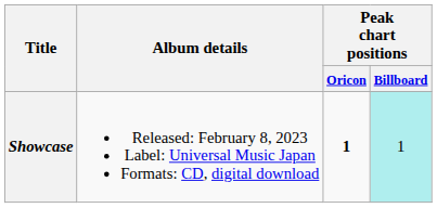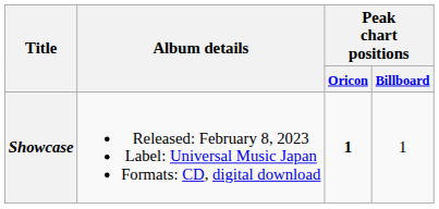 <table class="wikitable plainrowheaders" style="text-align:center;">
 <tr>
 <th scope="col" rowspan="2">Title</th>
 <th scope="col" rowspan="2">Album details</th>
 <th scope="col" colspan="2">Peak <br> chart <br> positions</th>
 </tr>
 <tr>
 <th scope="col" colspan="1"><small><a href='#'>Oricon</a></small></th>
 <th scope="col" colspan="1"><small><a href='#'>Billboard</a></small></th>
 </tr>
 <tr>
 <th scope="row"><em>Showcase</em></th>
 <td><br><ul><li>Released: February 8, 2023</li><li>Label: <a href='#'>Universal Music Japan</a></li><li>Formats: <a href='#'>CD</a>, <a href='#'>digital download</a></li></ul></td>
 <td><strong>1</strong></td>
-<td style="background: paleturquoise;">1</td>
+<td>1</td>
 </tr>
 </table>
